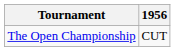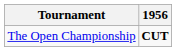 <table class="wikitable" style="font-size:95%;text-align:center;">
 <tr>
 <th>Tournament</th>
 <th>1956</th>
 </tr>
 <tr>
 <td align=left><a href='#'>The Open Championship</a></td>
-<td>CUT</td>
+<td><strong>CUT</strong></td>
 </tr>
 </table>
